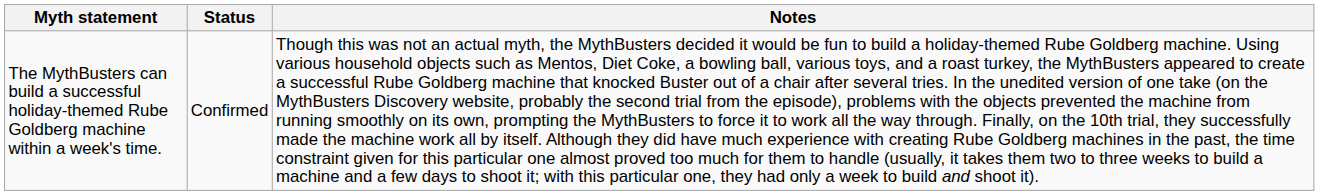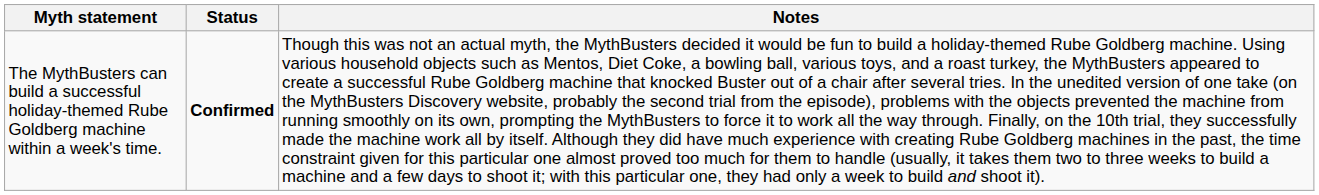 <table class="wikitable plainrowheaders">
 <tr>
 <th>Myth statement</th>
 <th>Status</th>
 <th>Notes</th>
 </tr>
 <tr>
 <td>The MythBusters can build a successful holiday-themed Rube Goldberg machine within a week's time.</td>
-<td><span>Confirmed</span></td>
+<td><strong><span>Confirmed</span></strong></td>
 <td>Though this was not an actual myth, the MythBusters decided it would be fun to build a holiday-themed Rube Goldberg machine. Using various household objects such as Mentos, Diet Coke, a bowling ball, various toys, and a roast turkey, the MythBusters appeared to create a successful Rube Goldberg machine that knocked Buster out of a chair after several tries. In the unedited version of one take (on the MythBusters Discovery website, probably the second trial from the episode), problems with the objects prevented the machine from running smoothly on its own, prompting the MythBusters to force it to work all the way through. Finally, on the 10th trial, they successfully made the machine work all by itself. Although they did have much experience with creating Rube Goldberg machines in the past, the time constraint given for this particular one almost proved too much for them to handle (usually, it takes them two to three weeks to build a machine and a few days to shoot it; with this particular one, they had only a week to build <em>and</em> shoot it).</td>
 </tr>
 </table>
